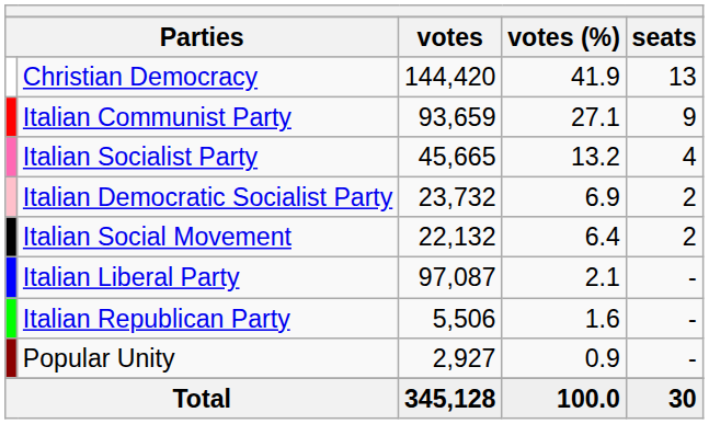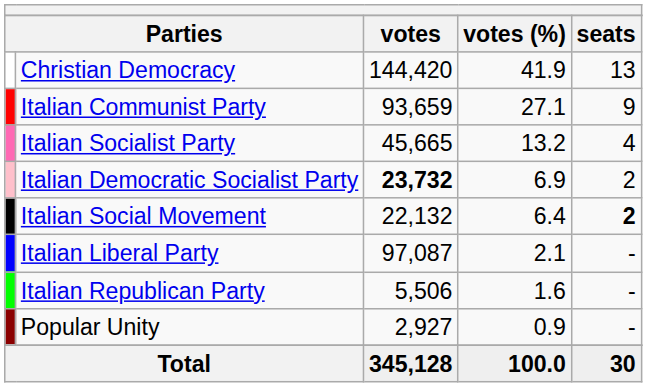 <table class="wikitable" style="font-size:95%">
 <tr>
 <th colspan=5></th>
 </tr>
 <tr>
 </tr>
 <tr bgcolor="EFEFEF">
 <th colspan=2>Parties</th>
 <th>votes</th>
 <th>votes (%)</th>
 <th>seats</th>
 </tr>
 <tr>
 <td bgcolor=White></td>
 <td><a href='#'>Christian Democracy</a></td>
 <td align=right>144,420</td>
 <td align=right>41.9</td>
 <td align=right>13</td>
 </tr>
 <tr>
 <td bgcolor=Red></td>
 <td><a href='#'>Italian Communist Party</a></td>
 <td align=right>93,659</td>
 <td align=right>27.1</td>
 <td align=right>9</td>
 </tr>
 <tr>
 <td bgcolor=Hotpink></td>
 <td><a href='#'>Italian Socialist Party</a></td>
 <td align=right>45,665</td>
 <td align=right>13.2</td>
 <td align=right>4</td>
 </tr>
 <tr>
 <td bgcolor=Pink></td>
 <td><a href='#'>Italian Democratic Socialist Party</a></td>
-<td align=right>23,732</td>
+<td align=right><strong>23,732</strong></td>
 <td align=right>6.9</td>
 <td align=right>2</td>
 </tr>
 <tr>
 <td bgcolor=Black></td>
 <td><a href='#'>Italian Social Movement</a></td>
 <td align=right>22,132</td>
 <td align=right>6.4</td>
-<td align=right>2</td>
+<td align=right><strong>2</strong></td>
 </tr>
 <tr>
 <td bgcolor=Blue></td>
 <td><a href='#'>Italian Liberal Party</a></td>
 <td align=right>97,087</td>
 <td align=right>2.1</td>
 <td align=right>-</td>
 </tr>
 <tr>
 <td bgcolor=Lime></td>
 <td><a href='#'>Italian Republican Party</a></td>
 <td align=right>5,506</td>
 <td align=right>1.6</td>
 <td align=right>-</td>
 </tr>
 <tr>
 <td bgcolor=Darkred></td>
 <td>Popular Unity</td>
 <td align=right>2,927</td>
 <td align=right>0.9</td>
 <td align=right>-</td>
 </tr>
 <tr>
 </tr>
 <tr bgcolor="EFEFEF">
 <th colspan=2><strong>Total</strong></th>
 <td align=right><strong>345,128</strong></td>
 <td align=right><strong>100.0</strong></td>
 <td align=right><strong>30</strong></td>
 </tr>
 </table>
